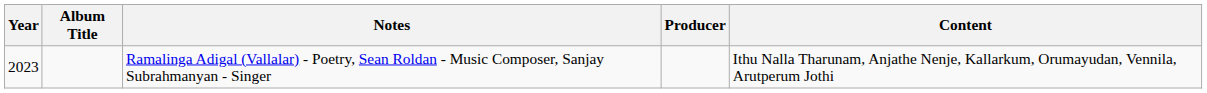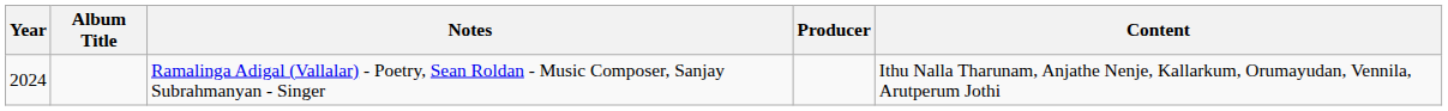 <table class="wikitable">
 <tr>
 <th>Year</th>
 <th>Album Title</th>
 <th>Notes</th>
 <th>Producer</th>
 <th>Content</th>
 </tr>
 <tr>
-<td>2023</td>
+<td>2024</td>
 <td></td>
 <td><a href='#'>Ramalinga Adigal (Vallalar)</a> - Poetry, <a href='#'>Sean Roldan</a> - Music Composer, Sanjay Subrahmanyan - Singer</td>
 <td></td>
 <td>Ithu Nalla Tharunam, Anjathe Nenje, Kallarkum, Orumayudan, Vennila, Arutperum Jothi</td>
 </tr>
 </table>
